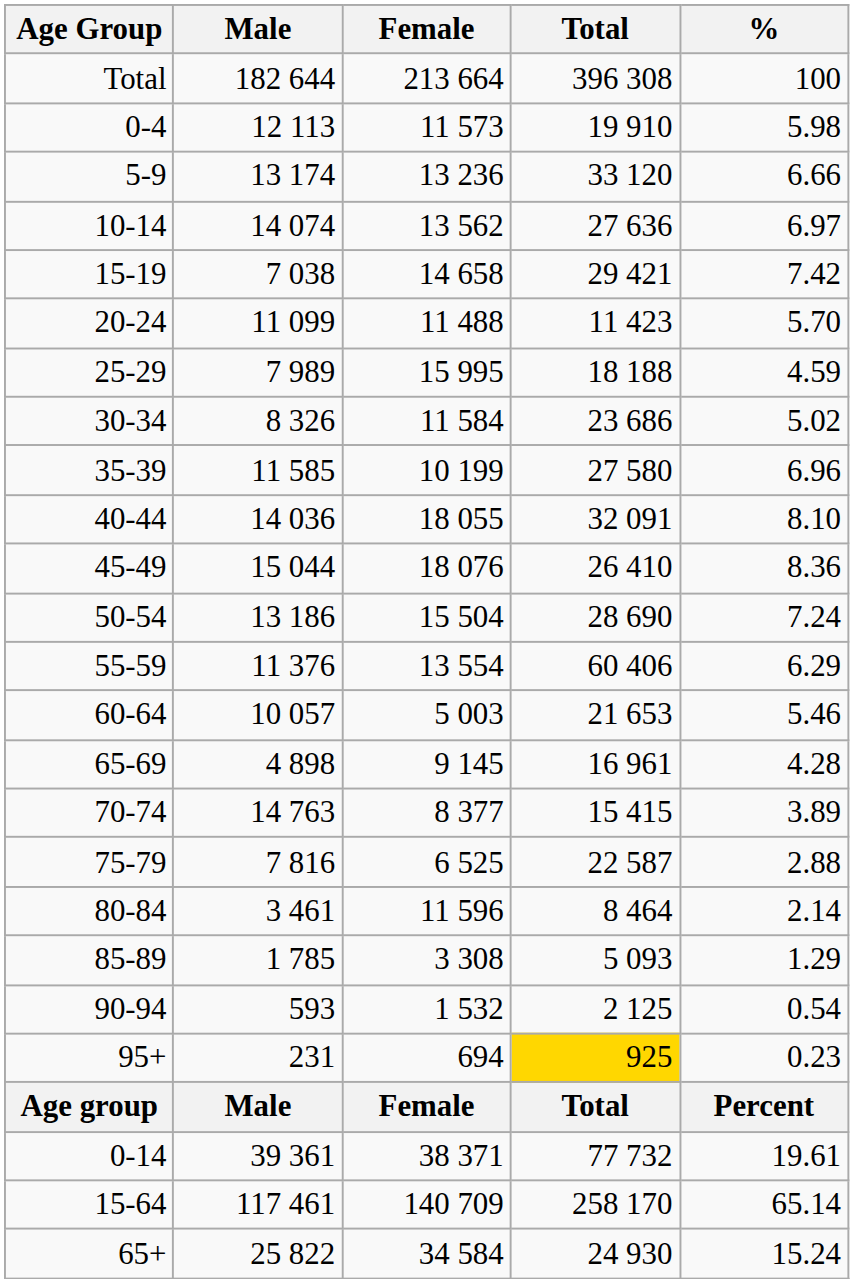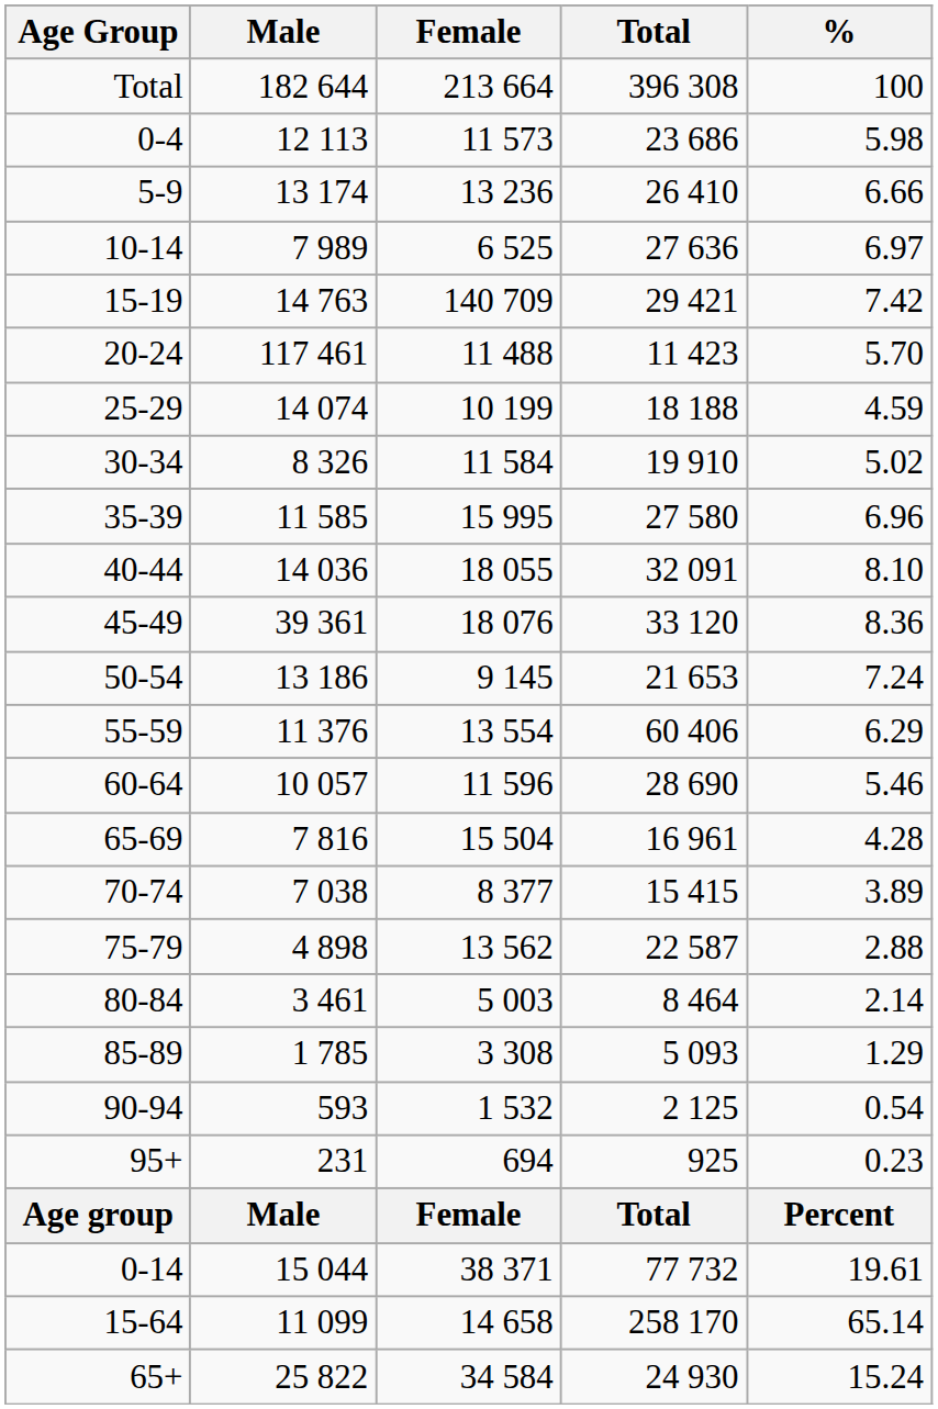 <table class="wikitable">
 <tr>
 <th width="80pt">Age Group</th>
 <th width="80pt">Male</th>
 <th width="80pt">Female</th>
 <th width="80pt">Total</th>
 <th width="80pt">%</th>
 </tr>
 <tr>
 <td align="right">Total</td>
 <td align="right">182 644</td>
 <td align="right">213 664</td>
 <td align="right">396 308</td>
 <td align="right">100</td>
 </tr>
 <tr>
 <td align="right">0-4</td>
 <td align="right">12 113</td>
 <td align="right">11 573</td>
-<td align="right">19 910</td>
+<td align="right">23 686</td>
 <td align="right">5.98</td>
 </tr>
 <tr>
 <td align="right">5-9</td>
 <td align="right">13 174</td>
 <td align="right">13 236</td>
-<td align="right">33 120</td>
+<td align="right">26 410</td>
 <td align="right">6.66</td>
 </tr>
 <tr>
 <td align="right">10-14</td>
-<td align="right">14 074</td>
-<td align="right">13 562</td>
+<td align="right">7 989</td>
+<td align="right">6 525</td>
 <td align="right">27 636</td>
 <td align="right">6.97</td>
 </tr>
 <tr>
 <td align="right">15-19</td>
-<td align="right">7 038</td>
-<td align="right">14 658</td>
+<td align="right">14 763</td>
+<td align="right">140 709</td>
 <td align="right">29 421</td>
 <td align="right">7.42</td>
 </tr>
 <tr>
 <td align="right">20-24</td>
-<td align="right">11 099</td>
+<td align="right">117 461</td>
 <td align="right">11 488</td>
 <td align="right">11 423</td>
 <td align="right">5.70</td>
 </tr>
 <tr>
 <td align="right">25-29</td>
-<td align="right">7 989</td>
-<td align="right">15 995</td>
+<td align="right">14 074</td>
+<td align="right">10 199</td>
 <td align="right">18 188</td>
 <td align="right">4.59</td>
 </tr>
 <tr>
 <td align="right">30-34</td>
 <td align="right">8 326</td>
 <td align="right">11 584</td>
-<td align="right">23 686</td>
+<td align="right">19 910</td>
 <td align="right">5.02</td>
 </tr>
 <tr>
 <td align="right">35-39</td>
 <td align="right">11 585</td>
-<td align="right">10 199</td>
+<td align="right">15 995</td>
 <td align="right">27 580</td>
 <td align="right">6.96</td>
 </tr>
 <tr>
 <td align="right">40-44</td>
 <td align="right">14 036</td>
 <td align="right">18 055</td>
 <td align="right">32 091</td>
 <td align="right">8.10</td>
 </tr>
 <tr>
 <td align="right">45-49</td>
-<td align="right">15 044</td>
+<td align="right">39 361</td>
 <td align="right">18 076</td>
-<td align="right">26 410</td>
+<td align="right">33 120</td>
 <td align="right">8.36</td>
 </tr>
 <tr>
 <td align="right">50-54</td>
 <td align="right">13 186</td>
-<td align="right">15 504</td>
-<td align="right">28 690</td>
+<td align="right">9 145</td>
+<td align="right">21 653</td>
 <td align="right">7.24</td>
 </tr>
 <tr>
 <td align="right">55-59</td>
 <td align="right">11 376</td>
 <td align="right">13 554</td>
 <td align="right">60 406</td>
 <td align="right">6.29</td>
 </tr>
 <tr>
 <td align="right">60-64</td>
 <td align="right">10 057</td>
-<td align="right">5 003</td>
-<td align="right">21 653</td>
+<td align="right">11 596</td>
+<td align="right">28 690</td>
 <td align="right">5.46</td>
 </tr>
 <tr>
 <td align="right">65-69</td>
-<td align="right">4 898</td>
-<td align="right">9 145</td>
+<td align="right">7 816</td>
+<td align="right">15 504</td>
 <td align="right">16 961</td>
 <td align="right">4.28</td>
 </tr>
 <tr>
 <td align="right">70-74</td>
-<td align="right">14 763</td>
+<td align="right">7 038</td>
 <td align="right">8 377</td>
 <td align="right">15 415</td>
 <td align="right">3.89</td>
 </tr>
 <tr>
 <td align="right">75-79</td>
-<td align="right">7 816</td>
-<td align="right">6 525</td>
+<td align="right">4 898</td>
+<td align="right">13 562</td>
 <td align="right">22 587</td>
 <td align="right">2.88</td>
 </tr>
 <tr>
 <td align="right">80-84</td>
 <td align="right">3 461</td>
-<td align="right">11 596</td>
+<td align="right">5 003</td>
 <td align="right">8 464</td>
 <td align="right">2.14</td>
 </tr>
 <tr>
 <td align="right">85-89</td>
 <td align="right">1 785</td>
 <td align="right">3 308</td>
 <td align="right">5 093</td>
 <td align="right">1.29</td>
 </tr>
 <tr>
 <td align="right">90-94</td>
 <td align="right">593</td>
 <td align="right">1 532</td>
 <td align="right">2 125</td>
 <td align="right">0.54</td>
 </tr>
 <tr>
 <td align="right">95+</td>
 <td align="right">231</td>
 <td align="right">694</td>
-<td align="right" style="background: gold;">925</td>
+<td align="right">925</td>
 <td align="right">0.23</td>
 </tr>
 <tr>
 <th width="50">Age group</th>
 <th width="80pt">Male</th>
 <th width="80">Female</th>
 <th width="80">Total</th>
 <th width="50">Percent</th>
 </tr>
 <tr>
 <td align="right">0-14</td>
-<td align="right">39 361</td>
+<td align="right">15 044</td>
 <td align="right">38 371</td>
 <td align="right">77 732</td>
 <td align="right">19.61</td>
 </tr>
 <tr>
 <td align="right">15-64</td>
-<td align="right">117 461</td>
-<td align="right">140 709</td>
+<td align="right">11 099</td>
+<td align="right">14 658</td>
 <td align="right">258 170</td>
 <td align="right">65.14</td>
 </tr>
 <tr>
 <td align="right">65+</td>
 <td align="right">25 822</td>
 <td align="right">34 584</td>
 <td align="right">24 930</td>
 <td align="right">15.24</td>
 </tr>
 <tr>
 </tr>
 </table>
